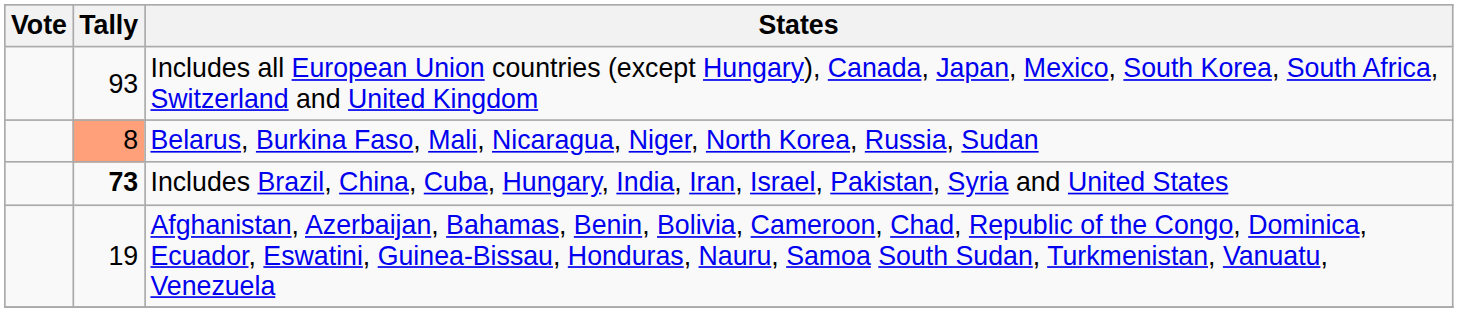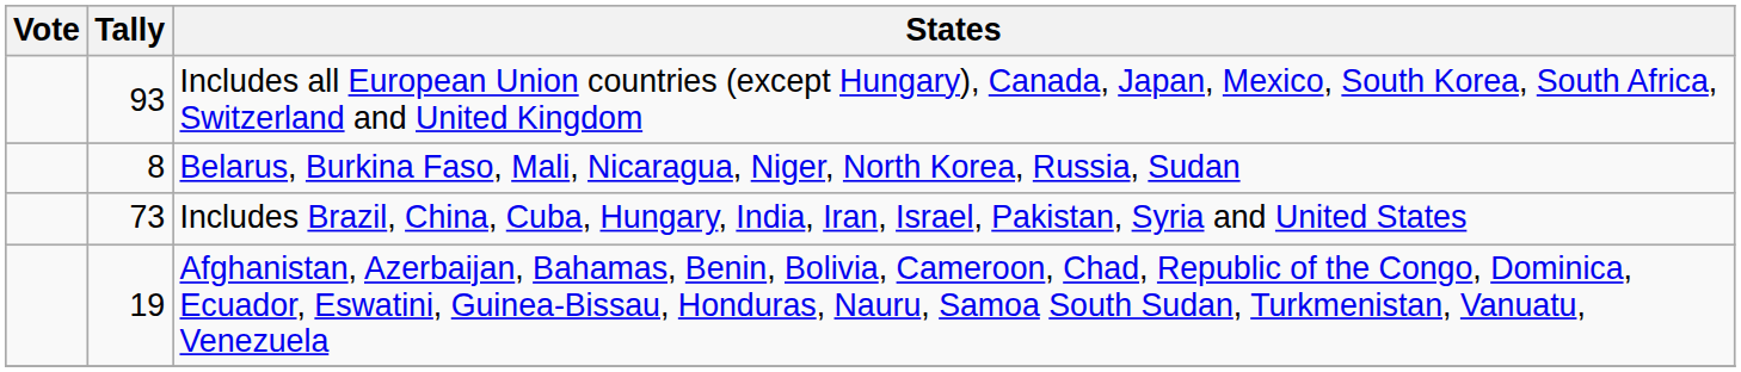 <table class="wikitable">
 <tr>
 <th scope="col">Vote</th>
 <th scope="col">Tally</th>
 <th scope="col">States</th>
 </tr>
 <tr>
 <td></td>
 <td style="text-align: right">93</td>
 <td>Includes all <a href='#'>European Union</a> countries (except <a href='#'>Hungary</a>), <a href='#'>Canada</a>, <a href='#'>Japan</a>, <a href='#'>Mexico</a>, <a href='#'>South Korea</a>, <a href='#'>South Africa</a>, <a href='#'>Switzerland</a> and <a href='#'>United Kingdom</a></td>
 </tr>
 <tr>
 <td></td>
-<td style="background: lightsalmon; text-align: right">8</td>
+<td style="text-align: right">8</td>
 <td><a href='#'>Belarus</a>, <a href='#'>Burkina Faso</a>, <a href='#'>Mali</a>, <a href='#'>Nicaragua</a>, <a href='#'>Niger</a>, <a href='#'>North Korea</a>, <a href='#'>Russia</a>, <a href='#'>Sudan</a></td>
 </tr>
 <tr>
 <td></td>
-<td style="text-align: right"><strong>73</strong></td>
+<td style="text-align: right">73</td>
 <td>Includes <a href='#'>Brazil</a>, <a href='#'>China</a>, <a href='#'>Cuba</a>, <a href='#'>Hungary</a>, <a href='#'>India</a>, <a href='#'>Iran</a>, <a href='#'>Israel</a>, <a href='#'>Pakistan</a>, <a href='#'>Syria</a> and <a href='#'>United States</a></td>
 </tr>
 <tr>
 <td></td>
 <td style="text-align: right">19</td>
 <td><a href='#'>Afghanistan</a>, <a href='#'>Azerbaijan</a>, <a href='#'>Bahamas</a>, <a href='#'>Benin</a>, <a href='#'>Bolivia</a>, <a href='#'>Cameroon</a>, <a href='#'>Chad</a>, <a href='#'>Republic of the Congo</a>, <a href='#'>Dominica</a>, <a href='#'>Ecuador</a>, <a href='#'>Eswatini</a>, <a href='#'>Guinea-Bissau</a>, <a href='#'>Honduras</a>, <a href='#'>Nauru</a>, <a href='#'>Samoa</a> <a href='#'>South Sudan</a>, <a href='#'>Turkmenistan</a>, <a href='#'>Vanuatu</a>, <a href='#'>Venezuela</a></td>
 </tr>
 <tr>
 </tr>
 </table>
